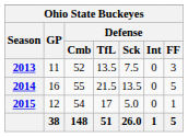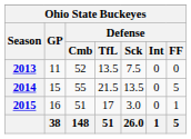 <table class="wikitable" style="text-align:center;">
 <tr>
 </tr>
 <tr>
 <th colspan="7">Ohio State Buckeyes</th>
 </tr>
 <tr>
 <th rowspan="2">Season</th>
 <th rowspan="2">GP</th>
 <th colspan="5">Defense</th>
 </tr>
 <tr>
 <th>Cmb</th>
 <th>TfL</th>
 <th>Sck</th>
 <th>Int</th>
 <th>FF</th>
 </tr>
 <tr>
 <th><a href='#'>2013</a></th>
 <td>11</td>
 <td>52</td>
 <td>13.5</td>
 <td>7.5</td>
 <td>0</td>
-<td>3</td>
+<td>0</td>
 </tr>
 <tr>
 <th><a href='#'>2014</a></th>
-<td>16</td>
+<td>15</td>
 <td>55</td>
 <td>21.5</td>
 <td>13.5</td>
 <td>0</td>
 <td>5</td>
 </tr>
 <tr>
 <th><a href='#'>2015</a></th>
-<td>12</td>
-<td>54</td>
+<td>16</td>
+<td>51</td>
 <td>17</td>
-<td>5.0</td>
+<td>3.0</td>
 <td>0</td>
 <td>1</td>
 </tr>
 <tr>
 <th></th>
 <th>38</th>
 <th>148</th>
 <th>51</th>
 <th>26.0</th>
 <th>1</th>
 <th>5</th>
 </tr>
 </table>
